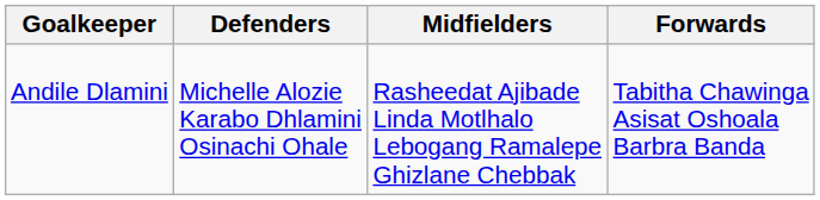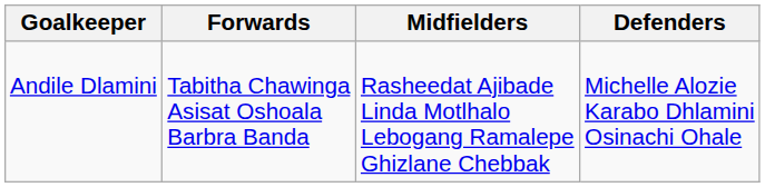 <table class="wikitable" style="margin:0 auto">
 <tr>
 <th>Goalkeeper</th>
+<th>Forwards</th>
+<th>Midfielders</th>
 <th>Defenders</th>
-<th>Midfielders</th>
-<th>Forwards</th>
 </tr>
 <tr>
 <td align="left" valign="top"><br> <a href='#'>Andile Dlamini</a></td>
+<td align="left" valign="top"><br> <a href='#'>Tabitha Chawinga</a><br>  <a href='#'>Asisat Oshoala</a><br>  <a href='#'>Barbra Banda</a></td>
+<td align="left" valign="top"><br> <a href='#'>Rasheedat Ajibade</a><br>  <a href='#'>Linda Motlhalo</a><br>  <a href='#'>Lebogang Ramalepe</a><br>  <a href='#'>Ghizlane Chebbak</a></td>
 <td align="left" valign="top"><br> <a href='#'>Michelle Alozie</a><br>  <a href='#'>Karabo Dhlamini</a><br>  <a href='#'>Osinachi Ohale</a></td>
-<td align="left" valign="top"><br> <a href='#'>Rasheedat Ajibade</a><br>  <a href='#'>Linda Motlhalo</a><br>  <a href='#'>Lebogang Ramalepe</a><br>  <a href='#'>Ghizlane Chebbak</a></td>
-<td align="left" valign="top"><br> <a href='#'>Tabitha Chawinga</a><br>  <a href='#'>Asisat Oshoala</a><br>  <a href='#'>Barbra Banda</a></td>
 </tr>
 </table>
